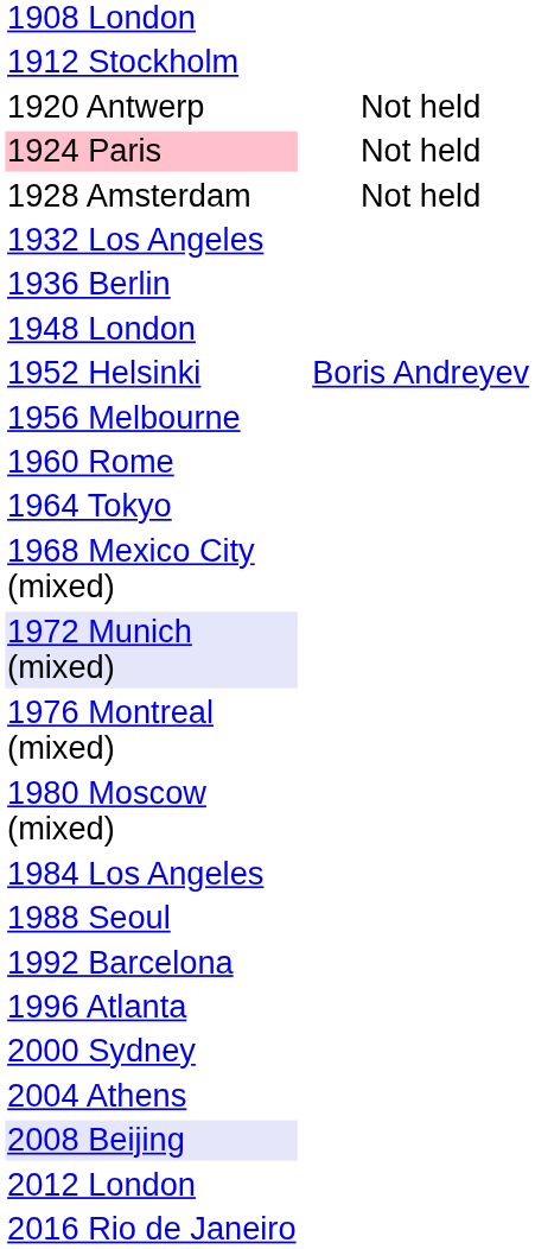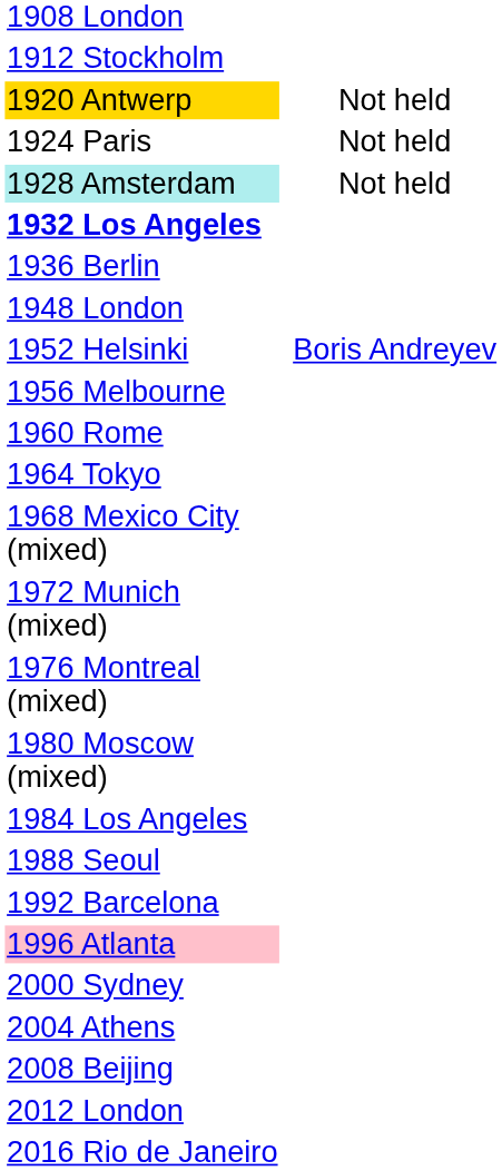 <table>
 <tr>
 <td><a href='#'>1908 London</a><br></td>
 <td></td>
 <td></td>
 <td></td>
 </tr>
 <tr>
 <td><a href='#'>1912 Stockholm</a><br></td>
 <td></td>
 <td></td>
 <td></td>
 </tr>
 <tr>
-<td>1920 Antwerp</td>
+<td style="background: gold;">1920 Antwerp</td>
 <td colspan=3 align=center>Not held</td>
 </tr>
 <tr>
-<td style="background: pink;">1924 Paris</td>
+<td>1924 Paris</td>
 <td colspan=3 align=center>Not held</td>
 </tr>
 <tr>
-<td>1928 Amsterdam</td>
+<td style="background: paleturquoise;">1928 Amsterdam</td>
 <td colspan=3 align=center>Not held</td>
 </tr>
 <tr>
-<td><a href='#'>1932 Los Angeles</a><br></td>
+<td><strong><a href='#'>1932 Los Angeles</a><br></strong></td>
 <td></td>
 <td></td>
 <td></td>
 </tr>
 <tr>
 <td><a href='#'>1936 Berlin</a><br></td>
 <td></td>
 <td></td>
 <td></td>
 </tr>
 <tr>
 <td><a href='#'>1948 London</a><br></td>
 <td></td>
 <td></td>
 <td></td>
 </tr>
 <tr>
 <td><a href='#'>1952 Helsinki</a><br></td>
 <td></td>
 <td><a href='#'>Boris Andreyev</a><br></td>
 <td></td>
 </tr>
 <tr>
 <td><a href='#'>1956 Melbourne</a><br></td>
 <td></td>
 <td></td>
 <td></td>
 </tr>
 <tr>
 <td><a href='#'>1960 Rome</a><br></td>
 <td></td>
 <td></td>
 <td></td>
 </tr>
 <tr>
 <td><a href='#'>1964 Tokyo</a><br></td>
 <td></td>
 <td></td>
 <td></td>
 </tr>
 <tr>
 <td><a href='#'>1968 Mexico City</a><br> (mixed)</td>
 <td></td>
 <td></td>
 <td></td>
 </tr>
 <tr>
-<td style="background: lavender;"><a href='#'>1972 Munich</a><br> (mixed)</td>
+<td><a href='#'>1972 Munich</a><br> (mixed)</td>
 <td></td>
 <td></td>
 <td></td>
 </tr>
 <tr>
 <td><a href='#'>1976 Montreal</a><br> (mixed)</td>
 <td></td>
 <td></td>
 <td></td>
 </tr>
 <tr>
 <td><a href='#'>1980 Moscow</a><br> (mixed)</td>
 <td></td>
 <td></td>
 <td></td>
 </tr>
 <tr>
 <td><a href='#'>1984 Los Angeles</a><br></td>
 <td></td>
 <td></td>
 <td></td>
 </tr>
 <tr>
 <td><a href='#'>1988 Seoul</a><br></td>
 <td></td>
 <td></td>
 <td></td>
 </tr>
 <tr>
 <td><a href='#'>1992 Barcelona</a><br></td>
 <td></td>
 <td></td>
 <td></td>
 </tr>
 <tr>
-<td><a href='#'>1996 Atlanta</a><br></td>
+<td style="background: pink;"><a href='#'>1996 Atlanta</a><br></td>
 <td></td>
 <td></td>
 <td></td>
 </tr>
 <tr>
 <td><a href='#'>2000 Sydney</a><br></td>
 <td></td>
 <td></td>
 <td></td>
 </tr>
 <tr>
 <td><a href='#'>2004 Athens</a><br></td>
 <td></td>
 <td></td>
 <td></td>
 </tr>
 <tr>
-<td style="background: lavender;"><a href='#'>2008 Beijing</a><br></td>
+<td><a href='#'>2008 Beijing</a><br></td>
 <td></td>
 <td></td>
 <td></td>
 </tr>
 <tr>
 <td><a href='#'>2012 London</a><br></td>
 <td></td>
 <td></td>
 <td></td>
 </tr>
 <tr>
 <td><a href='#'>2016 Rio de Janeiro</a><br></td>
 <td></td>
 <td></td>
 <td></td>
 </tr>
 </table>
